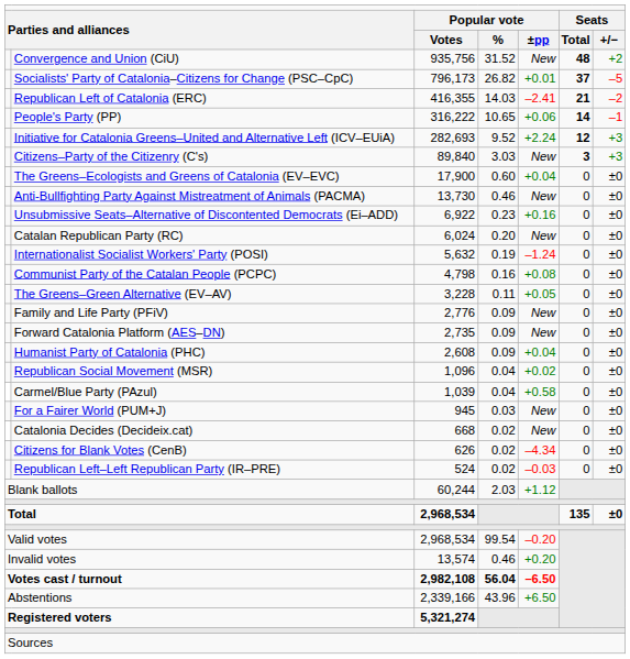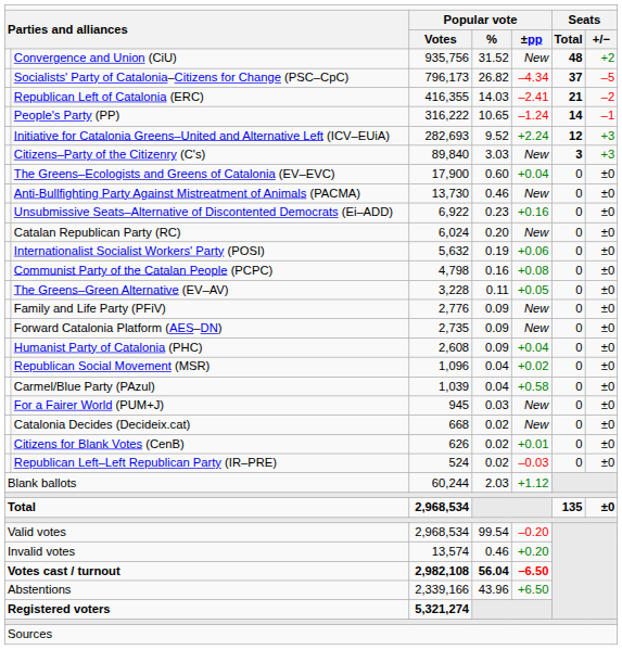 <table class="wikitable" style="text-align:right;">
 <tr>
 <td colspan="7"></td>
 </tr>
 <tr>
 <th style="text-align:left;" rowspan="2" colspan="2" width="525">Parties and alliances</th>
 <th colspan="3">Popular vote</th>
 <th colspan="2">Seats</th>
 </tr>
 <tr>
 <th width="75">Votes</th>
 <th width="45">%</th>
 <th width="45">±<a href='#'>pp</a></th>
 <th width="35">Total</th>
 <th width="35">+/−</th>
 </tr>
 <tr>
 <td width="1" style="color:inherit;background:"></td>
 <td align="left"><a href='#'>Convergence and Union</a> (CiU)</td>
 <td>935,756</td>
 <td>31.52</td>
 <td><em>New</em></td>
 <td><strong>48</strong></td>
 <td style="color:green;">+2</td>
 </tr>
 <tr>
 <td style="color:inherit;background:"></td>
 <td align="left"><a href='#'>Socialists' Party of Catalonia</a>–<a href='#'>Citizens for Change</a> (PSC–CpC)</td>
 <td>796,173</td>
 <td>26.82</td>
-<td style="color:green;">+0.01</td>
+<td style="color:red;">–4.34</td>
 <td><strong>37</strong></td>
 <td style="color:red;">–5</td>
 </tr>
 <tr>
 <td style="color:inherit;background:"></td>
 <td align="left"><a href='#'>Republican Left of Catalonia</a> (ERC)</td>
 <td>416,355</td>
 <td>14.03</td>
 <td style="color:red;">–2.41</td>
 <td><strong>21</strong></td>
 <td style="color:red;">–2</td>
 </tr>
 <tr>
 <td style="color:inherit;background:"></td>
 <td align="left"><a href='#'>People's Party</a> (PP)</td>
 <td>316,222</td>
 <td>10.65</td>
-<td style="color:green;">+0.06</td>
+<td style="color:red;">–1.24</td>
 <td><strong>14</strong></td>
 <td style="color:red;">–1</td>
 </tr>
 <tr>
 <td style="color:inherit;background:"></td>
 <td align="left"><a href='#'>Initiative for Catalonia Greens–United and Alternative Left</a> (ICV–EUiA)</td>
 <td>282,693</td>
 <td>9.52</td>
 <td style="color:green;">+2.24</td>
 <td><strong>12</strong></td>
 <td style="color:green;">+3</td>
 </tr>
 <tr>
 <td style="color:inherit;background:"></td>
 <td align="left"><a href='#'>Citizens–Party of the Citizenry</a> (C's)</td>
 <td>89,840</td>
 <td>3.03</td>
 <td><em>New</em></td>
 <td><strong>3</strong></td>
 <td style="color:green;">+3</td>
 </tr>
 <tr>
 <td style="color:inherit;background:"></td>
 <td align="left"><a href='#'>The Greens–Ecologists and Greens of Catalonia</a> (EV–EVC)</td>
 <td>17,900</td>
 <td>0.60</td>
 <td style="color:green;">+0.04</td>
 <td>0</td>
 <td>±0</td>
 </tr>
 <tr>
 <td style="color:inherit;background:"></td>
 <td align="left"><a href='#'>Anti-Bullfighting Party Against Mistreatment of Animals</a> (PACMA)</td>
 <td>13,730</td>
 <td>0.46</td>
 <td><em>New</em></td>
 <td>0</td>
 <td>±0</td>
 </tr>
 <tr>
 <td style="color:inherit;background:"></td>
 <td align="left"><a href='#'>Unsubmissive Seats–Alternative of Discontented Democrats</a> (Ei–ADD)</td>
 <td>6,922</td>
 <td>0.23</td>
 <td style="color:green;">+0.16</td>
 <td>0</td>
 <td>±0</td>
 </tr>
 <tr>
 <td style="color:inherit;background:"></td>
 <td align="left">Catalan Republican Party (RC)</td>
 <td>6,024</td>
 <td>0.20</td>
 <td><em>New</em></td>
 <td>0</td>
 <td>±0</td>
 </tr>
 <tr>
 <td style="color:inherit;background:"></td>
 <td align="left"><a href='#'>Internationalist Socialist Workers' Party</a> (POSI)</td>
 <td>5,632</td>
 <td>0.19</td>
-<td style="color:red;">–1.24</td>
+<td style="color:green;">+0.06</td>
 <td>0</td>
 <td>±0</td>
 </tr>
 <tr>
 <td style="color:inherit;background:"></td>
 <td align="left"><a href='#'>Communist Party of the Catalan People</a> (PCPC)</td>
 <td>4,798</td>
 <td>0.16</td>
 <td style="color:green;">+0.08</td>
 <td>0</td>
 <td>±0</td>
 </tr>
 <tr>
 <td style="color:inherit;background:"></td>
 <td align="left"><a href='#'>The Greens–Green Alternative</a> (EV–AV)</td>
 <td>3,228</td>
 <td>0.11</td>
 <td style="color:green;">+0.05</td>
 <td>0</td>
 <td>±0</td>
 </tr>
 <tr>
 <td style="color:inherit;background:"></td>
 <td align="left">Family and Life Party (PFiV)</td>
 <td>2,776</td>
 <td>0.09</td>
 <td><em>New</em></td>
 <td>0</td>
 <td>±0</td>
 </tr>
 <tr>
 <td style="color:inherit;background:"></td>
 <td align="left">Forward Catalonia Platform (<a href='#'>AES</a>–<a href='#'>DN</a>)</td>
 <td>2,735</td>
 <td>0.09</td>
 <td><em>New</em></td>
 <td>0</td>
 <td>±0</td>
 </tr>
 <tr>
 <td style="color:inherit;background:"></td>
 <td align="left"><a href='#'>Humanist Party of Catalonia</a> (PHC)</td>
 <td>2,608</td>
 <td>0.09</td>
 <td style="color:green;">+0.04</td>
 <td>0</td>
 <td>±0</td>
 </tr>
 <tr>
 <td style="color:inherit;background:"></td>
 <td align="left"><a href='#'>Republican Social Movement</a> (MSR)</td>
 <td>1,096</td>
 <td>0.04</td>
 <td style="color:green;">+0.02</td>
 <td>0</td>
 <td>±0</td>
 </tr>
 <tr>
 <td bgcolor="white"></td>
 <td align="left">Carmel/Blue Party (PAzul)</td>
 <td>1,039</td>
 <td>0.04</td>
 <td style="color:green;">+0.58</td>
 <td>0</td>
 <td>±0</td>
 </tr>
 <tr>
 <td style="color:inherit;background:"></td>
 <td align="left"><a href='#'>For a Fairer World</a> (PUM+J)</td>
 <td>945</td>
 <td>0.03</td>
 <td><em>New</em></td>
 <td>0</td>
 <td>±0</td>
 </tr>
 <tr>
 <td bgcolor="white"></td>
 <td align="left">Catalonia Decides (Decideix.cat)</td>
 <td>668</td>
 <td>0.02</td>
 <td><em>New</em></td>
 <td>0</td>
 <td>±0</td>
 </tr>
 <tr>
 <td style="color:inherit;background:"></td>
 <td align="left"><a href='#'>Citizens for Blank Votes</a> (CenB)</td>
 <td>626</td>
 <td>0.02</td>
-<td style="color:red;">–4.34</td>
+<td style="color:green;">+0.01</td>
 <td>0</td>
 <td>±0</td>
 </tr>
 <tr>
 <td style="color:inherit;background:"></td>
 <td align="left"><a href='#'>Republican Left–Left Republican Party</a> (IR–PRE)</td>
 <td>524</td>
 <td>0.02</td>
 <td style="color:red;">–0.03</td>
 <td>0</td>
 <td>±0</td>
 </tr>
 <tr>
 <td align="left" colspan="2">Blank ballots</td>
 <td>60,244</td>
 <td>2.03</td>
 <td style="color:green;">+1.12</td>
 <td bgcolor="#E9E9E9" colspan="2"></td>
 </tr>
 <tr>
 <td colspan="7" bgcolor="#E9E9E9"></td>
 </tr>
 <tr style="font-weight:bold;">
 <td align="left" colspan="2">Total</td>
 <td>2,968,534</td>
 <td bgcolor="#E9E9E9" colspan="2"></td>
 <td>135</td>
 <td>±0</td>
 </tr>
 <tr>
 <td colspan="7" bgcolor="#E9E9E9"></td>
 </tr>
 <tr>
 <td align="left" colspan="2">Valid votes</td>
 <td>2,968,534</td>
 <td>99.54</td>
 <td style="color:red;">–0.20</td>
 <td bgcolor="#E9E9E9" colspan="2" rowspan="5"></td>
 </tr>
 <tr>
 <td align="left" colspan="2">Invalid votes</td>
 <td>13,574</td>
 <td>0.46</td>
 <td style="color:green;">+0.20</td>
 </tr>
 <tr style="font-weight:bold;">
 <td align="left" colspan="2">Votes cast / turnout</td>
 <td>2,982,108</td>
 <td>56.04</td>
 <td style="color:red;">–6.50</td>
 </tr>
 <tr>
 <td align="left" colspan="2">Abstentions</td>
 <td>2,339,166</td>
 <td>43.96</td>
 <td style="color:green;">+6.50</td>
 </tr>
 <tr style="font-weight:bold;">
 <td align="left" colspan="2">Registered voters</td>
 <td>5,321,274</td>
 <td bgcolor="#E9E9E9" colspan="2"></td>
 </tr>
 <tr>
 <td colspan="7" bgcolor="#E9E9E9"></td>
 </tr>
 <tr>
 <td align="left" colspan="7">Sources</td>
 </tr>
 </table>
